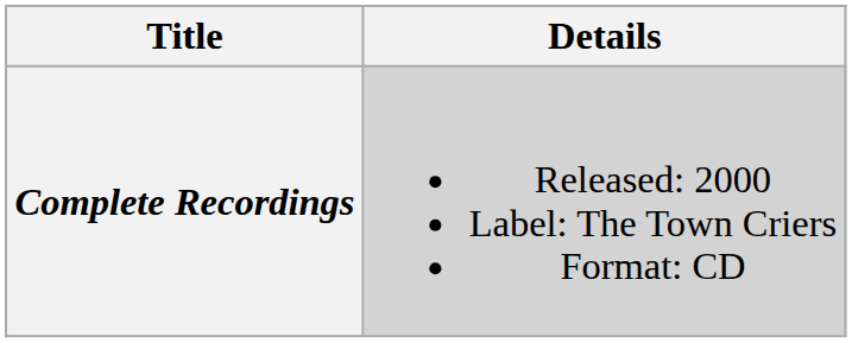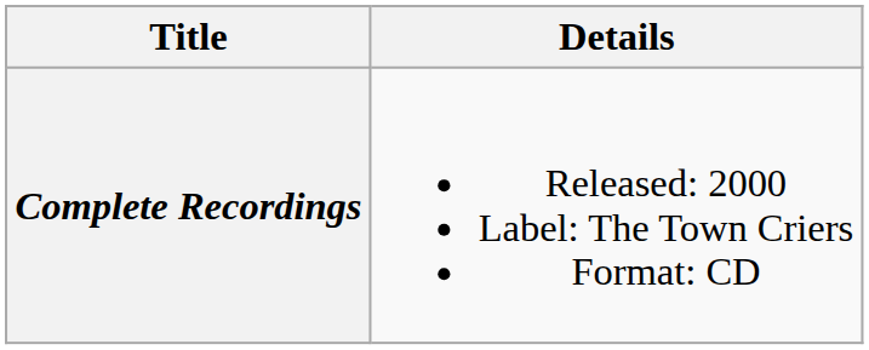 <table class="wikitable plainrowheaders" style="text-align:center">
 <tr>
 <th scope="col">Title</th>
 <th scope="col">Details</th>
 </tr>
 <tr>
 <th scope="row"><em>Complete Recordings</em></th>
-<td style="background: lightgrey;"><br><ul><li>Released: 2000</li><li>Label: The Town Criers</li><li>Format: CD</li></ul></td>
+<td><br><ul><li>Released: 2000</li><li>Label: The Town Criers</li><li>Format: CD</li></ul></td>
 </tr>
 </table>
